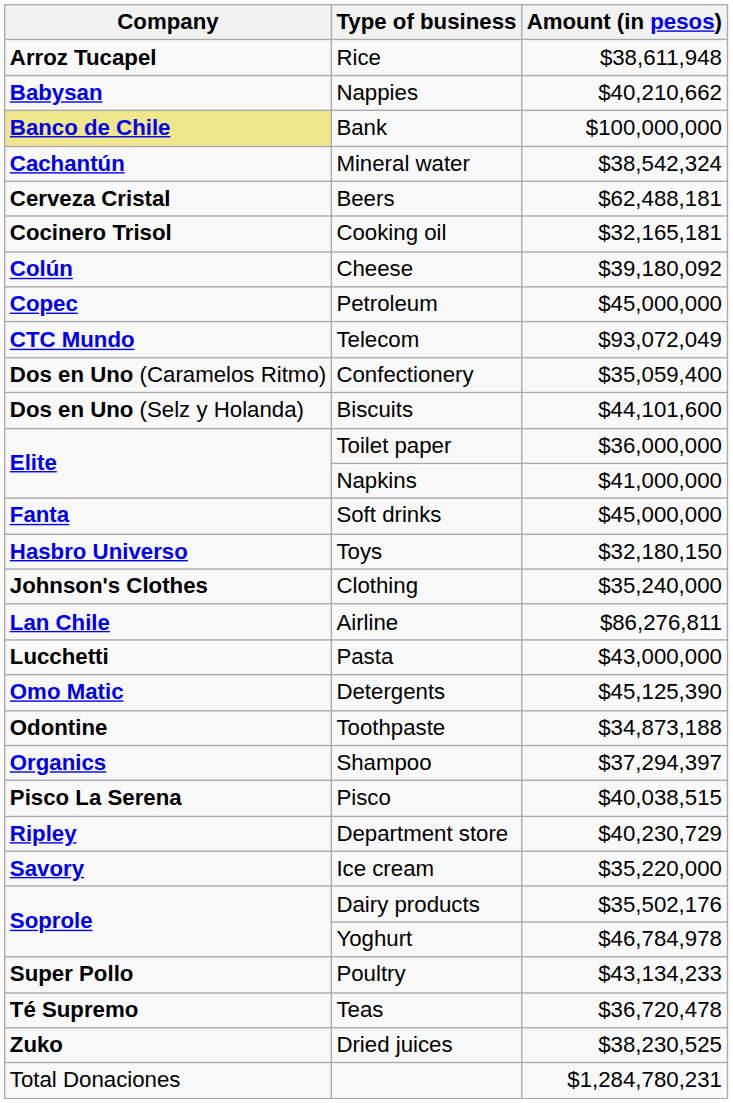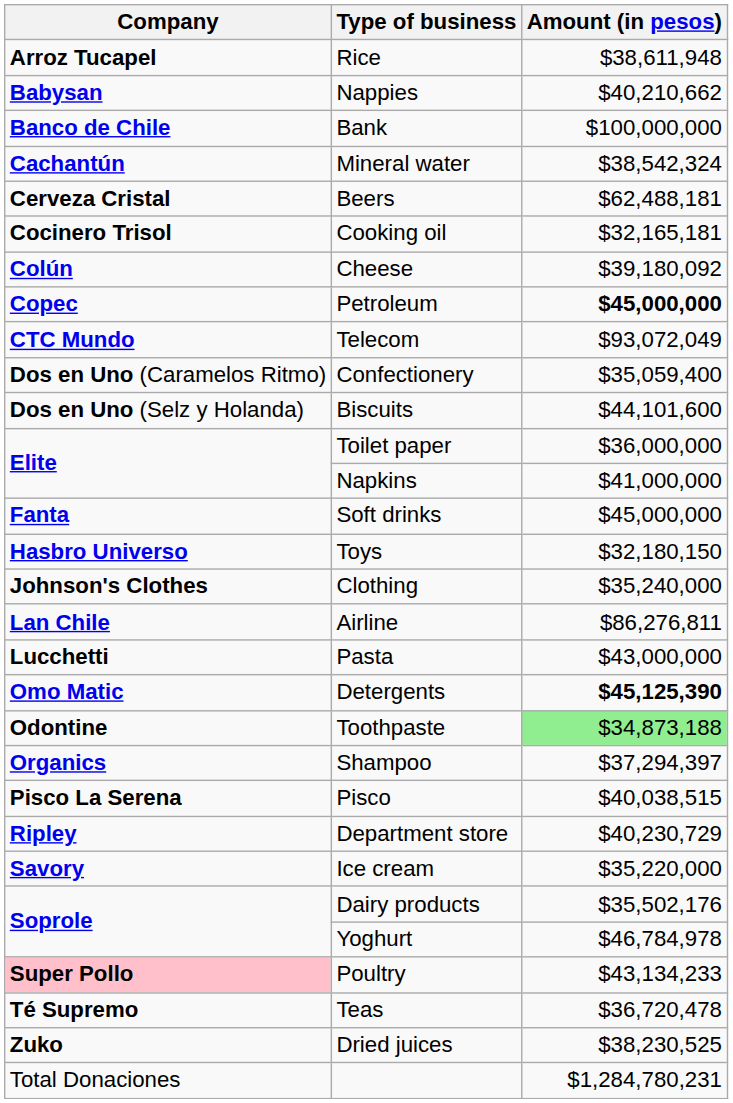 <table class="wikitable">
 <tr>
 <th>Company</th>
 <th>Type of business</th>
 <th>Amount (in <a href='#'>pesos</a>)</th>
 </tr>
 <tr>
 <td><strong>Arroz Tucapel</strong></td>
 <td>Rice</td>
 <td align=right>$38,611,948</td>
 </tr>
 <tr>
 <td><strong><a href='#'>Babysan</a></strong></td>
 <td>Nappies</td>
 <td align=right>$40,210,662</td>
 </tr>
 <tr>
-<td style="background: khaki;"><strong><a href='#'>Banco de Chile</a></strong></td>
+<td><strong><a href='#'>Banco de Chile</a></strong></td>
 <td>Bank</td>
 <td align=right>$100,000,000</td>
 </tr>
 <tr>
 <td><strong><a href='#'>Cachantún</a></strong></td>
 <td>Mineral water</td>
 <td align=right>$38,542,324</td>
 </tr>
 <tr>
 <td><strong>Cerveza Cristal</strong></td>
 <td>Beers</td>
 <td align=right>$62,488,181</td>
 </tr>
 <tr>
 <td><strong>Cocinero Trisol</strong></td>
 <td>Cooking oil</td>
 <td align=right>$32,165,181</td>
 </tr>
 <tr>
 <td><strong><a href='#'>Colún</a></strong></td>
 <td>Cheese</td>
 <td align=right>$39,180,092</td>
 </tr>
 <tr>
 <td><strong><a href='#'>Copec</a></strong></td>
 <td>Petroleum</td>
-<td align=right>$45,000,000</td>
+<td align=right><strong>$45,000,000</strong></td>
 </tr>
 <tr>
 <td><strong><a href='#'>CTC Mundo</a></strong></td>
 <td>Telecom</td>
 <td align=right>$93,072,049</td>
 </tr>
 <tr>
 <td><strong>Dos en Uno</strong> (Caramelos Ritmo)</td>
 <td>Confectionery</td>
 <td align=right>$35,059,400</td>
 </tr>
 <tr>
 <td><strong>Dos en Uno</strong> (Selz y Holanda)</td>
 <td>Biscuits</td>
 <td align=right>$44,101,600</td>
 </tr>
 <tr>
 <td rowspan="2"><strong><a href='#'>Elite</a></strong></td>
 <td>Toilet paper</td>
 <td align=right>$36,000,000</td>
 </tr>
 <tr>
 <td>Napkins</td>
 <td align=right>$41,000,000</td>
 </tr>
 <tr>
 <td><strong><a href='#'>Fanta</a></strong></td>
 <td>Soft drinks</td>
 <td align=right>$45,000,000</td>
 </tr>
 <tr>
 <td><strong><a href='#'>Hasbro Universo</a></strong></td>
 <td>Toys</td>
 <td align=right>$32,180,150</td>
 </tr>
 <tr>
 <td><strong>Johnson's Clothes</strong></td>
 <td>Clothing</td>
 <td align=right>$35,240,000</td>
 </tr>
 <tr>
 <td><strong><a href='#'>Lan Chile</a></strong></td>
 <td>Airline</td>
 <td align=right>$86,276,811</td>
 </tr>
 <tr>
 <td><strong>Lucchetti</strong></td>
 <td>Pasta</td>
 <td align=right>$43,000,000</td>
 </tr>
 <tr>
 <td><strong><a href='#'>Omo Matic</a></strong></td>
 <td>Detergents</td>
-<td align=right>$45,125,390</td>
+<td align=right><strong>$45,125,390</strong></td>
 </tr>
 <tr>
 <td><strong>Odontine</strong></td>
 <td>Toothpaste</td>
-<td align=right>$34,873,188</td>
+<td align=right style="background: lightgreen;">$34,873,188</td>
 </tr>
 <tr>
 <td><strong><a href='#'>Organics</a></strong></td>
 <td>Shampoo</td>
 <td align=right>$37,294,397</td>
 </tr>
 <tr>
 <td><strong>Pisco La Serena</strong></td>
 <td>Pisco</td>
 <td align=right>$40,038,515</td>
 </tr>
 <tr>
 <td><strong><a href='#'>Ripley</a></strong></td>
 <td>Department store</td>
 <td align=right>$40,230,729</td>
 </tr>
 <tr>
 <td><strong><a href='#'>Savory</a></strong></td>
 <td>Ice cream</td>
 <td align=right>$35,220,000</td>
 </tr>
 <tr>
 <td rowspan="2"><strong><a href='#'>Soprole</a></strong></td>
 <td>Dairy products</td>
 <td align=right>$35,502,176</td>
 </tr>
 <tr>
 <td>Yoghurt</td>
 <td align=right>$46,784,978</td>
 </tr>
 <tr>
-<td><strong>Super Pollo</strong></td>
+<td style="background: pink;"><strong>Super Pollo</strong></td>
 <td>Poultry</td>
 <td align=right>$43,134,233</td>
 </tr>
 <tr>
 <td><strong>Té Supremo</strong></td>
 <td>Teas</td>
 <td align=right>$36,720,478</td>
 </tr>
 <tr>
 <td><strong>Zuko</strong></td>
 <td>Dried juices</td>
 <td align=right>$38,230,525</td>
 </tr>
 <tr>
 <td><strong> </strong>Total Donaciones<strong> </strong></td>
 <td></td>
 <td align=right>$1,284,780,231</td>
 </tr>
 </table>
